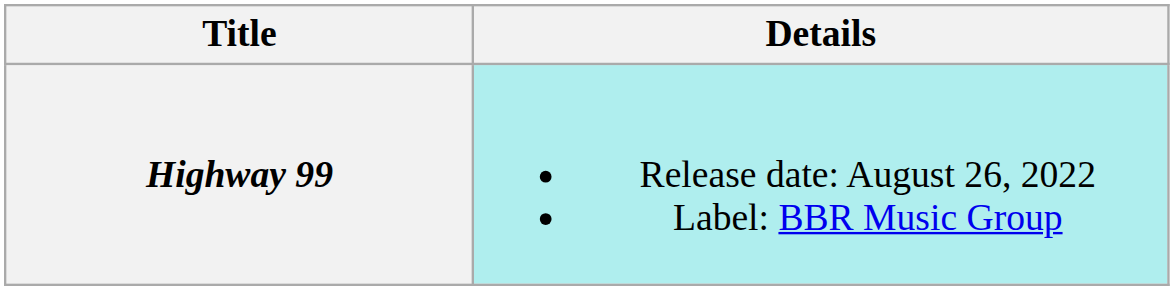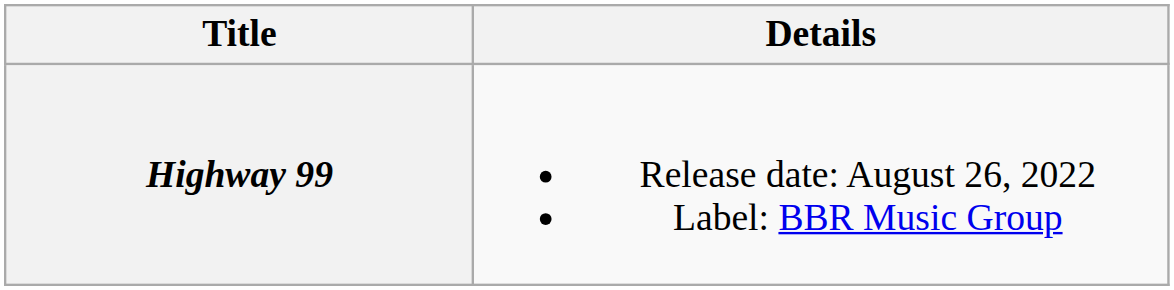 <table class="wikitable plainrowheaders" style="text-align:center;">
 <tr>
 <th style="width:12em;">Title</th>
 <th style="width:18em;">Details</th>
 </tr>
 <tr>
 <th scope="row"><em>Highway 99</em></th>
-<td style="background: paleturquoise;"><br><ul><li>Release date: August 26, 2022</li><li>Label: <a href='#'>BBR Music Group</a></li></ul></td>
+<td><br><ul><li>Release date: August 26, 2022</li><li>Label: <a href='#'>BBR Music Group</a></li></ul></td>
 </tr>
 </table>
